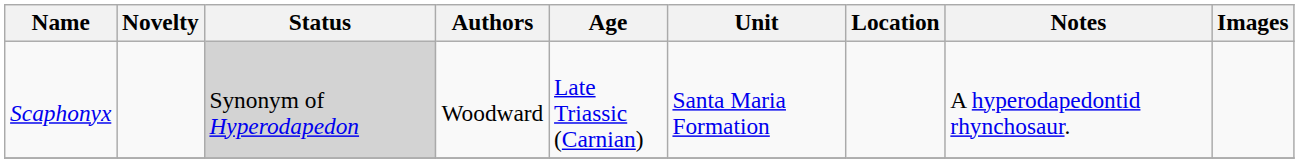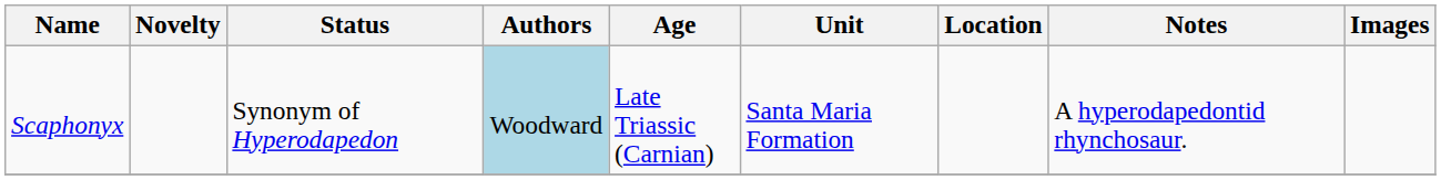 <table class="wikitable sortable" align="center" width="100%">
 <tr>
 <th>Name</th>
 <th>Novelty</th>
 <th>Status</th>
 <th>Authors</th>
 <th>Age</th>
 <th>Unit</th>
 <th>Location</th>
 <th>Notes</th>
 <th>Images</th>
 </tr>
 <tr>
 <td><br><em><a href='#'>Scaphonyx</a></em></td>
 <td></td>
-<td style="background: lightgrey;"><br>Synonym of <em><a href='#'>Hyperodapedon</a></em></td>
-<td><br>Woodward</td>
+<td><br>Synonym of <em><a href='#'>Hyperodapedon</a></em></td>
+<td style="background: lightblue;"><br>Woodward</td>
 <td><br><a href='#'>Late Triassic</a><br>(<a href='#'>Carnian</a>)</td>
 <td><br><a href='#'>Santa Maria Formation</a></td>
 <td><br></td>
 <td><br>A <a href='#'>hyperodapedontid</a> <a href='#'>rhynchosaur</a>.</td>
 <td><br></td>
 </tr>
 <tr>
 </tr>
 </table>
